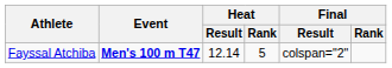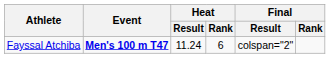 <table class="wikitable" style="font-size:90%">
 <tr>
 <th rowspan="2">Athlete</th>
 <th rowspan="2">Event</th>
 <th colspan="2">Heat</th>
 <th colspan="2">Final</th>
 </tr>
 <tr style="font-size:95%">
 <th>Result</th>
 <th>Rank</th>
 <th>Result</th>
 <th>Rank</th>
 </tr>
 <tr align=center>
 <td align=left><a href='#'>Fayssal Atchiba</a></td>
 <td align=left><strong><a href='#'>Men's 100 m T47</a></strong></td>
-<td>12.14</td>
-<td>5</td>
+<td>11.24</td>
+<td>6</td>
 <td>colspan="2" </td>
 </tr>
 </table>
